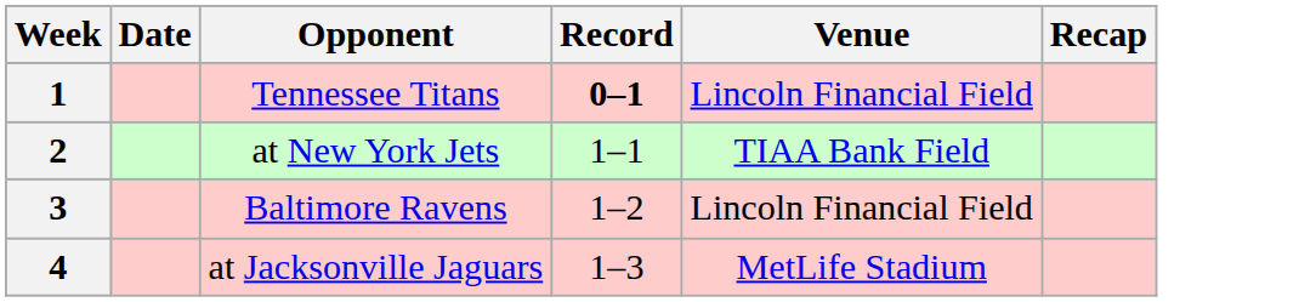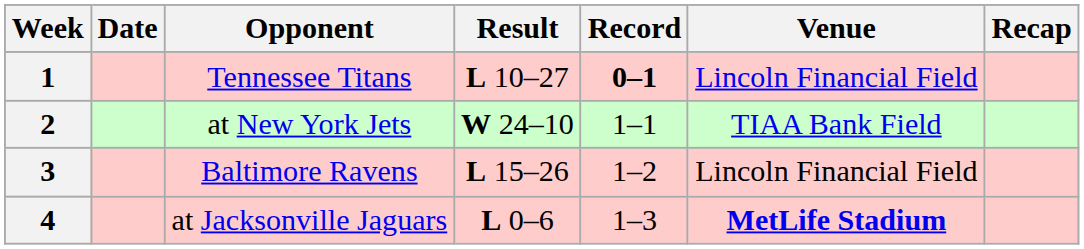 <table class="wikitable" style="text-align:center">
 <tr>
 <th>Week</th>
 <th>Date</th>
 <th>Opponent</th>
+<th>Result</th>
 <th>Record</th>
 <th>Venue</th>
 <th>Recap</th>
 </tr>
 <tr style="background:#fcc">
 <th>1</th>
 <td></td>
 <td><a href='#'>Tennessee Titans</a></td>
+<td><strong>L</strong> 10–27</td>
 <td><strong>0–1</strong></td>
 <td><a href='#'>Lincoln Financial Field</a></td>
 <td></td>
 </tr>
 <tr style="background:#cfc">
 <th>2</th>
 <td></td>
 <td>at <a href='#'>New York Jets</a></td>
+<td><strong>W</strong> 24–10</td>
 <td>1–1</td>
 <td><a href='#'>TIAA Bank Field</a></td>
 <td></td>
 </tr>
 <tr style="background:#fcc">
 <th>3</th>
 <td></td>
 <td><a href='#'>Baltimore Ravens</a></td>
+<td><strong>L</strong> 15–26</td>
 <td>1–2</td>
 <td>Lincoln Financial Field</td>
 <td></td>
 </tr>
 <tr style="background:#fcc">
 <th>4</th>
 <td></td>
 <td>at <a href='#'>Jacksonville Jaguars</a></td>
+<td><strong>L</strong> 0–6</td>
 <td>1–3</td>
-<td><a href='#'>MetLife Stadium</a></td>
+<td><strong><a href='#'>MetLife Stadium</a></strong></td>
 <td></td>
 </tr>
 </table>
